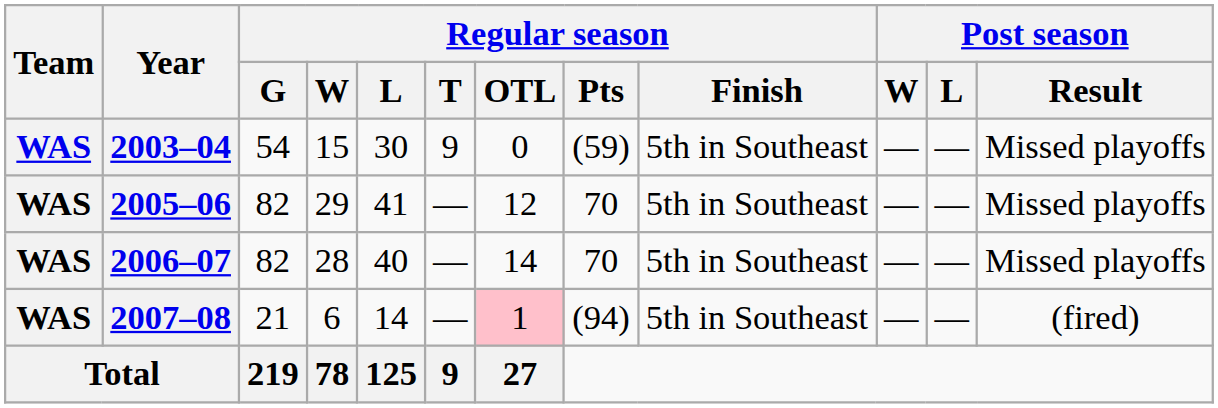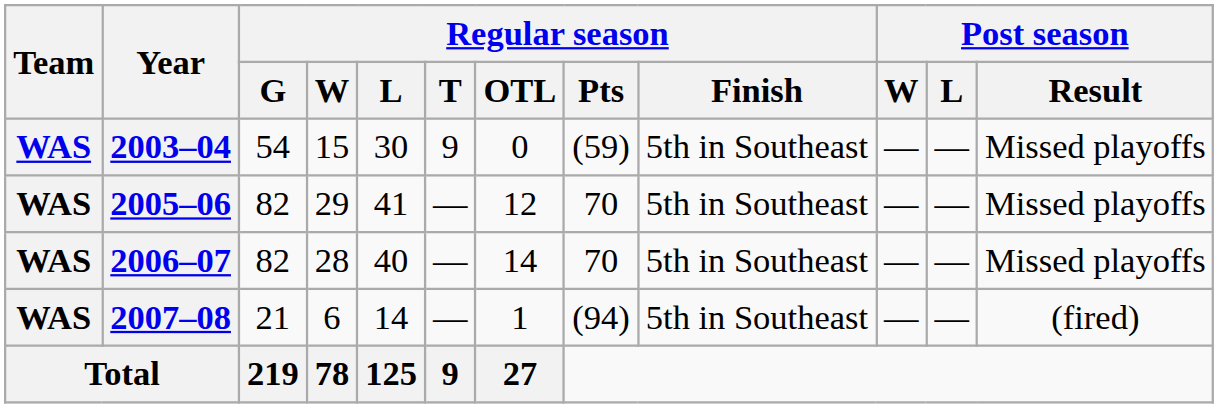 <table class="wikitable" style="font-size: 95%; text-align:center;">
 <tr>
 <th rowspan="2">Team</th>
 <th rowspan="2">Year</th>
 <th colspan="7"><a href='#'>Regular season</a></th>
 <th colspan="3"><a href='#'>Post season</a></th>
 </tr>
 <tr>
 <th>G</th>
 <th>W</th>
 <th>L</th>
 <th>T</th>
 <th>OTL</th>
 <th>Pts</th>
 <th>Finish</th>
 <th>W</th>
 <th>L</th>
 <th>Result</th>
 </tr>
 <tr>
 <th><a href='#'>WAS</a></th>
 <th><a href='#'>2003–04</a></th>
 <td>54</td>
 <td>15</td>
 <td>30</td>
 <td>9</td>
 <td>0</td>
 <td>(59)</td>
 <td>5th in Southeast</td>
 <td>—</td>
 <td>—</td>
 <td>Missed playoffs</td>
 </tr>
 <tr>
 <th>WAS</th>
 <th><a href='#'>2005–06</a></th>
 <td>82</td>
 <td>29</td>
 <td>41</td>
 <td>—</td>
 <td>12</td>
 <td>70</td>
 <td>5th in Southeast</td>
 <td>—</td>
 <td>—</td>
 <td>Missed playoffs</td>
 </tr>
 <tr>
 <th>WAS</th>
 <th><a href='#'>2006–07</a></th>
 <td>82</td>
 <td>28</td>
 <td>40</td>
 <td>—</td>
 <td>14</td>
 <td>70</td>
 <td>5th in Southeast</td>
 <td>—</td>
 <td>—</td>
 <td>Missed playoffs</td>
 </tr>
 <tr>
 <th>WAS</th>
 <th><a href='#'>2007–08</a></th>
 <td>21</td>
 <td>6</td>
 <td>14</td>
 <td>—</td>
-<td style="background: pink;">1</td>
+<td>1</td>
 <td>(94)</td>
 <td>5th in Southeast</td>
 <td>—</td>
 <td>—</td>
 <td>(fired)</td>
 </tr>
 <tr>
 <th colspan="2">Total</th>
 <th>219</th>
 <th>78</th>
 <th>125</th>
 <th>9</th>
 <th>27</th>
 </tr>
 </table>
